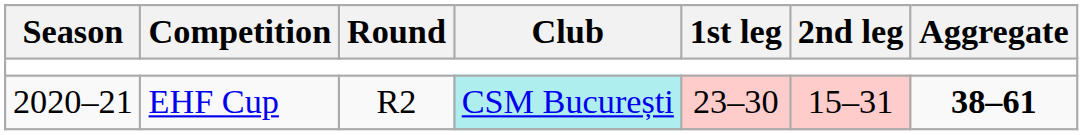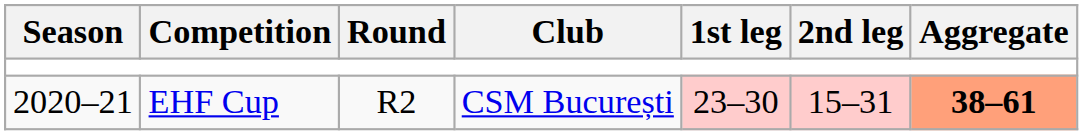 <table class="wikitable">
 <tr>
 <th>Season</th>
 <th>Competition</th>
 <th>Round</th>
 <th>Club</th>
 <th>1st leg</th>
 <th>2nd leg</th>
 <th>Aggregate</th>
 </tr>
 <tr>
 <td colspan="7" bgcolor=white></td>
 </tr>
 <tr>
 <td>2020–21</td>
 <td><a href='#'>EHF Cup</a></td>
 <td style="text-align:center;">R2</td>
-<td style="background: paleturquoise;"> <a href='#'>CSM București</a></td>
+<td> <a href='#'>CSM București</a></td>
 <td style="text-align:center; "bgcolor="#ffcccc">23–30</td>
 <td style="text-align:center; "bgcolor="#ffcccc">15–31</td>
-<td style="text-align:center;"><strong>38–61</strong></td>
+<td style="background: lightsalmon; text-align:center;"><strong>38–61</strong></td>
 </tr>
 </table>
